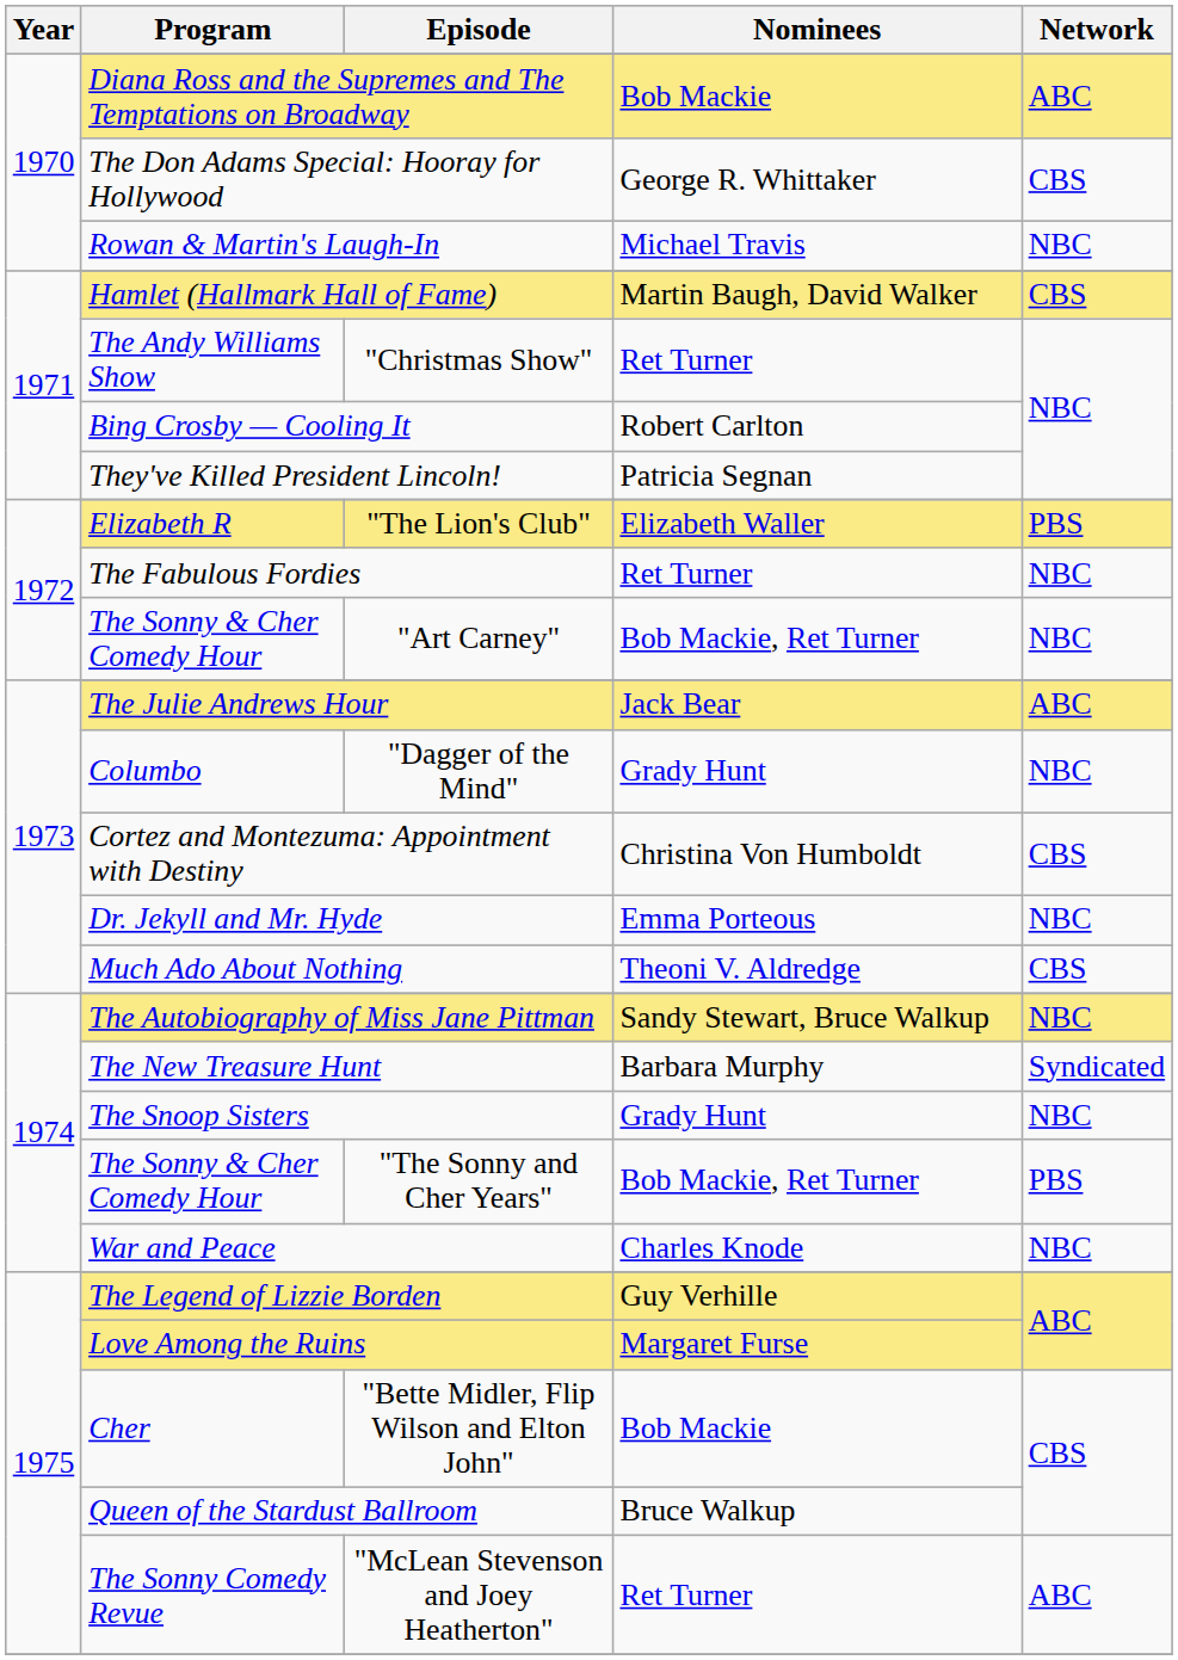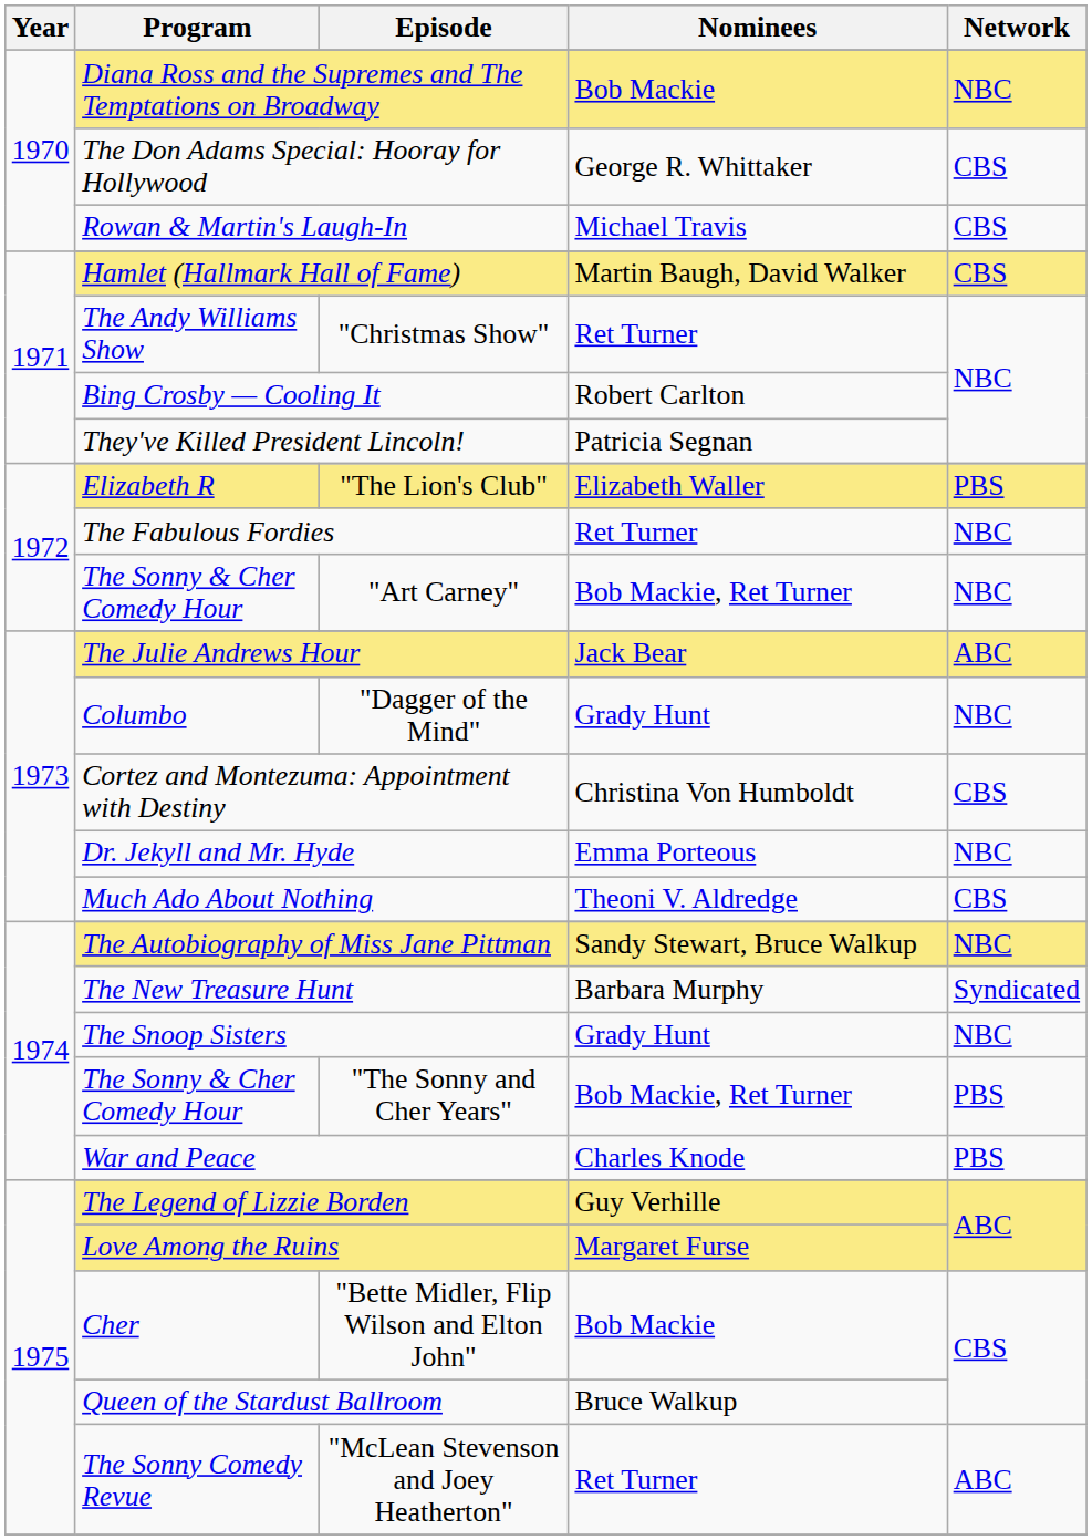 <table class="wikitable">
 <tr>
 <th width="5%">Year</th>
 <th width="25%">Program</th>
 <th width="25%">Episode</th>
 <th width="40%">Nominees</th>
 <th width="5%">Network</th>
 </tr>
 <tr>
 <td rowspan="4" style="text-align:center;"><a href='#'>1970</a><br></td>
 </tr>
 <tr style="background:#FAEB86;">
 <td colspan=2><em><a href='#'>Diana Ross and the Supremes and The Temptations on Broadway</a></em></td>
 <td><a href='#'>Bob Mackie</a></td>
-<td><a href='#'>ABC</a></td>
+<td><a href='#'>NBC</a></td>
 </tr>
 <tr>
 <td colspan=2><em>The Don Adams Special: Hooray for Hollywood</em></td>
 <td>George R. Whittaker</td>
 <td><a href='#'>CBS</a></td>
 </tr>
 <tr>
 <td colspan=2><em><a href='#'>Rowan & Martin's Laugh-In</a></em></td>
 <td><a href='#'>Michael Travis</a></td>
-<td><a href='#'>NBC</a></td>
+<td><a href='#'>CBS</a></td>
 </tr>
 <tr>
 <td rowspan="5" style="text-align:center;"><a href='#'>1971</a><br></td>
 </tr>
 <tr style="background:#FAEB86;">
 <td colspan=2><em><a href='#'>Hamlet</a> (<a href='#'>Hallmark Hall of Fame</a>)</em></td>
 <td>Martin Baugh, David Walker</td>
 <td><a href='#'>CBS</a></td>
 </tr>
 <tr>
 <td><em><a href='#'>The Andy Williams Show</a></em></td>
 <td align=center>"Christmas Show"</td>
 <td><a href='#'>Ret Turner</a></td>
 <td rowspan=3><a href='#'>NBC</a></td>
 </tr>
 <tr>
 <td colspan=2><em><a href='#'>Bing Crosby — Cooling It</a></em></td>
 <td>Robert Carlton</td>
 </tr>
 <tr>
 <td colspan=2><em>They've Killed President Lincoln!</em></td>
 <td>Patricia Segnan</td>
 </tr>
 <tr>
 <td rowspan="4" style="text-align:center;"><a href='#'>1972</a><br></td>
 </tr>
 <tr style="background:#FAEB86;">
 <td><em><a href='#'>Elizabeth R</a></em></td>
 <td align=center>"The Lion's Club"</td>
 <td><a href='#'>Elizabeth Waller</a></td>
 <td><a href='#'>PBS</a></td>
 </tr>
 <tr>
 <td colspan=2><em>The Fabulous Fordies</em></td>
 <td><a href='#'>Ret Turner</a></td>
 <td><a href='#'>NBC</a></td>
 </tr>
 <tr>
 <td><em><a href='#'>The Sonny & Cher Comedy Hour</a></em></td>
 <td align=center>"Art Carney"</td>
 <td><a href='#'>Bob Mackie</a>, <a href='#'>Ret Turner</a></td>
 <td><a href='#'>NBC</a></td>
 </tr>
 <tr>
 <td rowspan="6" style="text-align:center;"><a href='#'>1973</a><br></td>
 </tr>
 <tr style="background:#FAEB86;">
 <td colspan=2><em><a href='#'>The Julie Andrews Hour</a></em></td>
 <td><a href='#'>Jack Bear</a></td>
 <td><a href='#'>ABC</a></td>
 </tr>
 <tr>
 <td><em><a href='#'>Columbo</a></em></td>
 <td align=center>"Dagger of the Mind"</td>
 <td><a href='#'>Grady Hunt</a></td>
 <td><a href='#'>NBC</a></td>
 </tr>
 <tr>
 <td colspan=2><em>Cortez and Montezuma: Appointment with Destiny</em></td>
 <td>Christina Von Humboldt</td>
 <td><a href='#'>CBS</a></td>
 </tr>
 <tr>
 <td colspan=2><em><a href='#'>Dr. Jekyll and Mr. Hyde</a></em></td>
 <td><a href='#'>Emma Porteous</a></td>
 <td><a href='#'>NBC</a></td>
 </tr>
 <tr>
 <td colspan=2><em><a href='#'>Much Ado About Nothing</a></em></td>
 <td><a href='#'>Theoni V. Aldredge</a></td>
 <td><a href='#'>CBS</a></td>
 </tr>
 <tr>
 <td rowspan="6" style="text-align:center;"><a href='#'>1974</a><br></td>
 </tr>
 <tr style="background:#FAEB86;">
 <td colspan=2><em><a href='#'>The Autobiography of Miss Jane Pittman</a></em></td>
 <td>Sandy Stewart, Bruce Walkup</td>
 <td><a href='#'>NBC</a></td>
 </tr>
 <tr>
 <td colspan=2><em><a href='#'>The New Treasure Hunt</a></em></td>
 <td>Barbara Murphy</td>
 <td><a href='#'>Syndicated</a></td>
 </tr>
 <tr>
 <td colspan=2><em><a href='#'>The Snoop Sisters</a></em></td>
 <td><a href='#'>Grady Hunt</a></td>
 <td><a href='#'>NBC</a></td>
 </tr>
 <tr>
 <td><em><a href='#'>The Sonny & Cher Comedy Hour</a></em></td>
 <td align=center>"The Sonny and Cher Years"</td>
 <td><a href='#'>Bob Mackie</a>, <a href='#'>Ret Turner</a></td>
 <td><a href='#'>PBS</a></td>
 </tr>
 <tr>
 <td colspan=2><em><a href='#'>War and Peace</a></em></td>
 <td><a href='#'>Charles Knode</a></td>
-<td><a href='#'>NBC</a></td>
+<td><a href='#'>PBS</a></td>
 </tr>
 <tr>
 <td rowspan="6" style="text-align:center;"><a href='#'>1975</a><br></td>
 </tr>
 <tr style="background:#FAEB86;">
 <td colspan=2><em><a href='#'>The Legend of Lizzie Borden</a></em></td>
 <td>Guy Verhille</td>
 <td rowspan=2><a href='#'>ABC</a></td>
 </tr>
 <tr style="background:#FAEB86;">
 <td colspan=2><em><a href='#'>Love Among the Ruins</a></em></td>
 <td><a href='#'>Margaret Furse</a></td>
 </tr>
 <tr>
 <td><em><a href='#'>Cher</a></em></td>
 <td align=center>"Bette Midler, Flip Wilson and Elton John"</td>
 <td><a href='#'>Bob Mackie</a></td>
 <td rowspan=2><a href='#'>CBS</a></td>
 </tr>
 <tr>
 <td colspan=2><em><a href='#'>Queen of the Stardust Ballroom</a></em></td>
 <td>Bruce Walkup</td>
 </tr>
 <tr>
 <td><em><a href='#'>The Sonny Comedy Revue</a></em></td>
 <td align=center>"McLean Stevenson and Joey Heatherton"</td>
 <td><a href='#'>Ret Turner</a></td>
 <td><a href='#'>ABC</a></td>
 </tr>
 <tr>
 </tr>
 </table>
